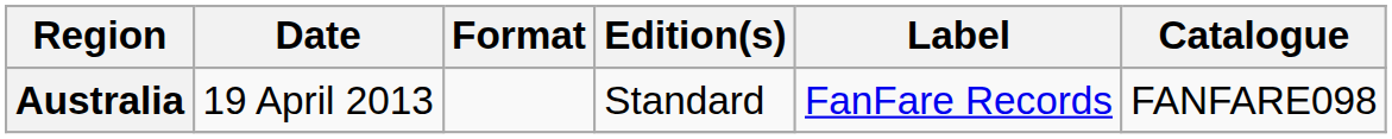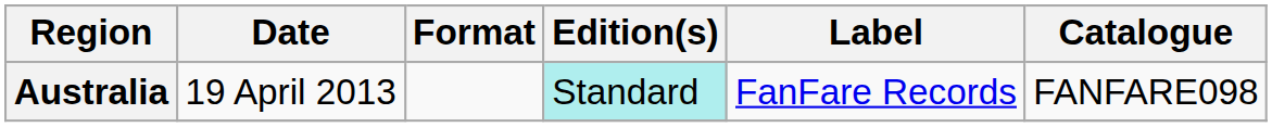 <table class="wikitable plainrowheaders">
 <tr>
 <th scope="col">Region</th>
 <th scope="col">Date</th>
 <th scope="col">Format</th>
 <th scope="col">Edition(s)</th>
 <th scope="col">Label</th>
 <th scope="col">Catalogue</th>
 </tr>
 <tr>
 <th scope="row" rowspan="2">Australia</th>
 <td>19 April 2013</td>
 <td rowspan="2"></td>
-<td>Standard</td>
+<td style="background: paleturquoise;">Standard</td>
 <td rowspan="2"><a href='#'>FanFare Records</a></td>
 <td>FANFARE098</td>
 </tr>
 <tr>
 </tr>
 </table>
